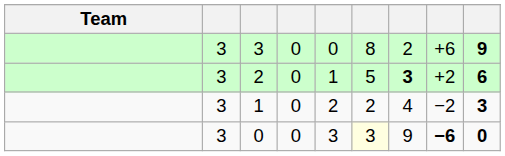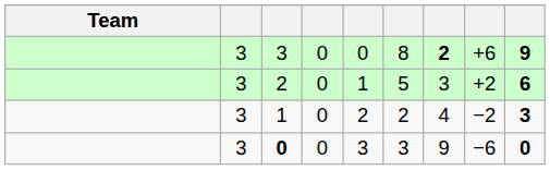 <table class="wikitable" style="text-align:center;">
 <tr>
 </tr>
 <tr>
 <th width=165>Team</th>
 <th width=25></th>
 <th width=25></th>
 <th width=25></th>
 <th width=25></th>
 <th width=25></th>
 <th width=25></th>
 <th width=25></th>
 <th width=25></th>
 </tr>
 <tr style="background:#cfc;">
 <td align=left></td>
 <td>3</td>
 <td>3</td>
 <td>0</td>
 <td>0</td>
 <td>8</td>
-<td>2</td>
+<td><strong>2</strong></td>
 <td>+6</td>
 <td><strong>9</strong></td>
 </tr>
 <tr style="background:#cfc;">
 <td align=left><strong></strong></td>
 <td>3</td>
 <td>2</td>
 <td>0</td>
 <td>1</td>
 <td>5</td>
-<td><strong>3</strong></td>
+<td>3</td>
 <td>+2</td>
 <td><strong>6</strong></td>
 </tr>
 <tr>
 <td align=left></td>
 <td>3</td>
 <td>1</td>
 <td>0</td>
 <td>2</td>
 <td>2</td>
 <td>4</td>
 <td>−2</td>
 <td><strong>3</strong></td>
 </tr>
 <tr>
 <td align=left></td>
 <td>3</td>
-<td>0</td>
+<td><strong>0</strong></td>
 <td>0</td>
 <td>3</td>
-<td style="background: lightyellow;">3</td>
+<td>3</td>
 <td>9</td>
-<td><strong>−6</strong></td>
+<td>−6</td>
 <td><strong>0</strong></td>
 </tr>
 </table>
